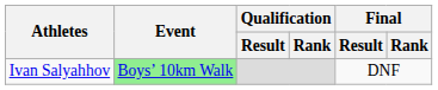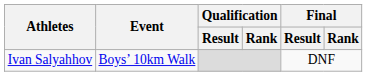 <table class="wikitable" border="1" style="font-size:90%">
 <tr>
 <th rowspan=2>Athletes</th>
 <th rowspan=2>Event</th>
 <th colspan=2>Qualification</th>
 <th colspan=2>Final</th>
 </tr>
 <tr>
 <th>Result</th>
 <th>Rank</th>
 <th>Result</th>
 <th>Rank</th>
 </tr>
 <tr>
 <td><a href='#'>Ivan Salyahhov</a></td>
-<td style="background: lightgreen;"><a href='#'>Boys’ 10km Walk</a></td>
+<td><a href='#'>Boys’ 10km Walk</a></td>
 <td colspan=2 bgcolor=#DCDCDC></td>
 <td align=center colspan=2>DNF</td>
 </tr>
 </table>
